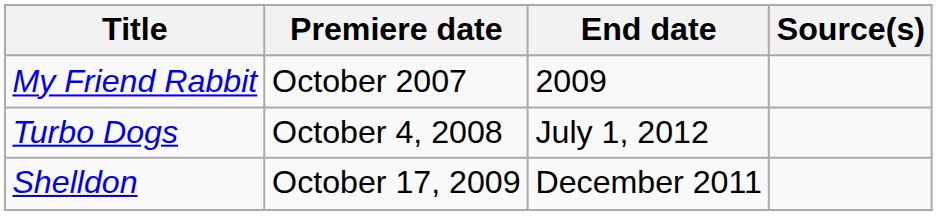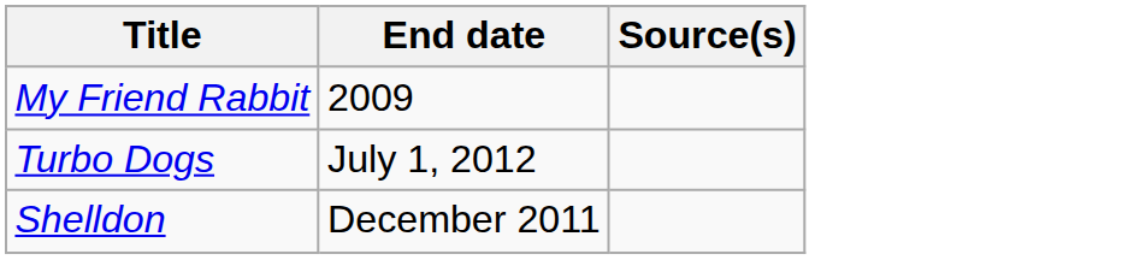 <table class="wikitable sortable">
 <tr>
 <th>Title</th>
-<th>Premiere date</th>
 <th>End date</th>
 <th>Source(s)</th>
 </tr>
 <tr>
 <td><em><a href='#'>My Friend Rabbit</a></em></td>
-<td>October 2007</td>
 <td>2009</td>
 <td></td>
 </tr>
 <tr>
 <td><em><a href='#'>Turbo Dogs</a></em></td>
-<td>October 4, 2008</td>
 <td>July 1, 2012</td>
 <td></td>
 </tr>
 <tr>
 <td><em><a href='#'>Shelldon</a></em></td>
-<td>October 17, 2009</td>
 <td>December 2011</td>
 <td></td>
 </tr>
 </table>
